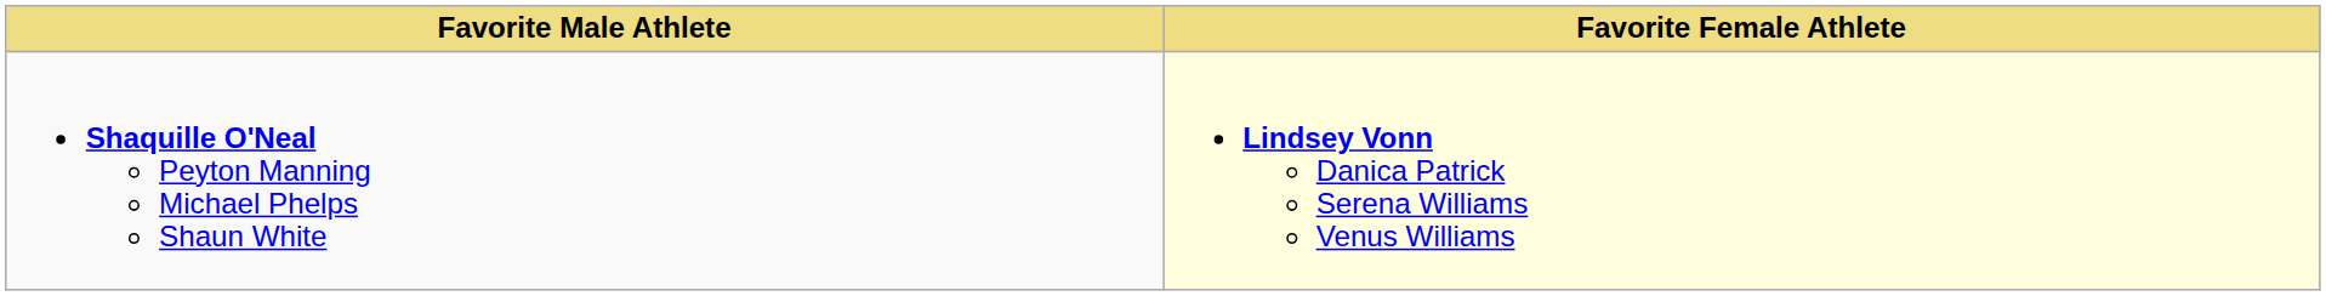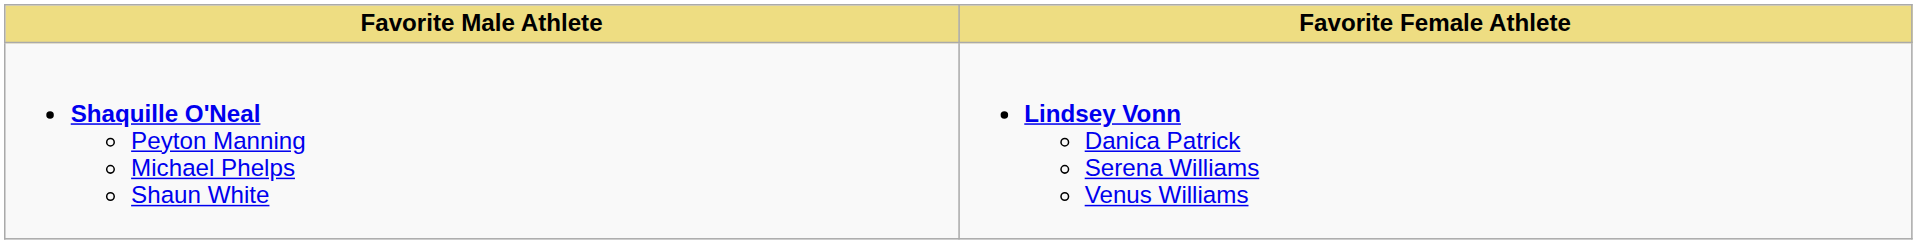 <table class="wikitable" style="width:100%">
 <tr>
 <th style="background:#EEDD82; width:50%">Favorite Male Athlete</th>
 <th style="background:#EEDD82; width:50%">Favorite Female Athlete</th>
 </tr>
 <tr>
 <td valign="top"><br><ul><li><strong><a href='#'>Shaquille O'Neal</a></strong><ul><li><a href='#'>Peyton Manning</a></li><li><a href='#'>Michael Phelps</a></li><li><a href='#'>Shaun White</a></li></ul></li></ul></td>
-<td valign="top" style="background: lightyellow;"><br><ul><li><strong><a href='#'>Lindsey Vonn</a></strong><ul><li><a href='#'>Danica Patrick</a></li><li><a href='#'>Serena Williams</a></li><li><a href='#'>Venus Williams</a></li></ul></li></ul></td>
+<td valign="top"><br><ul><li><strong><a href='#'>Lindsey Vonn</a></strong><ul><li><a href='#'>Danica Patrick</a></li><li><a href='#'>Serena Williams</a></li><li><a href='#'>Venus Williams</a></li></ul></li></ul></td>
 </tr>
 </table>
